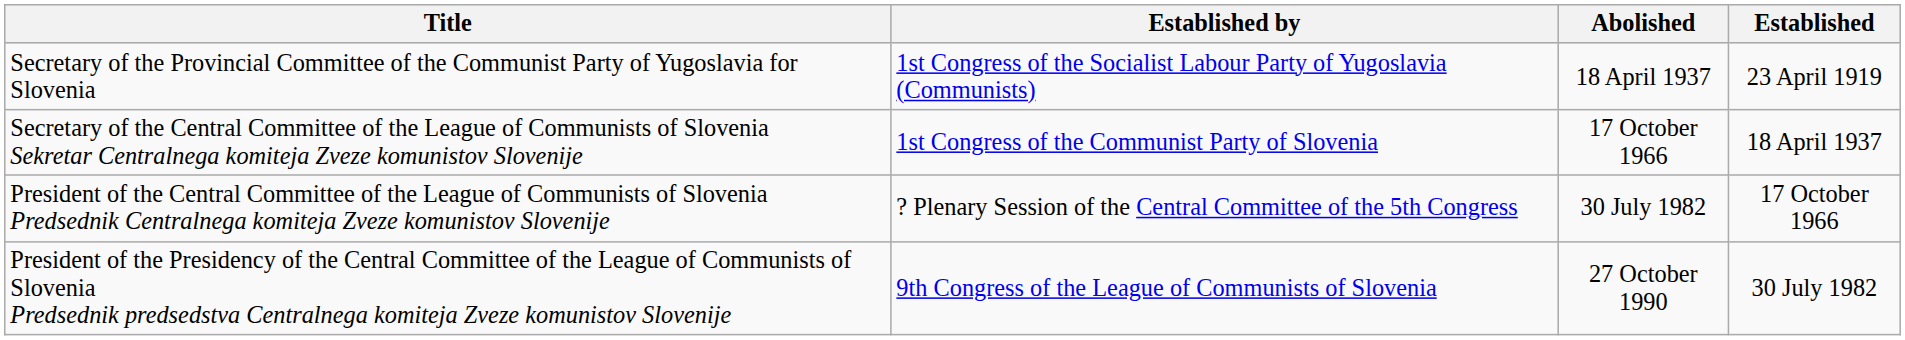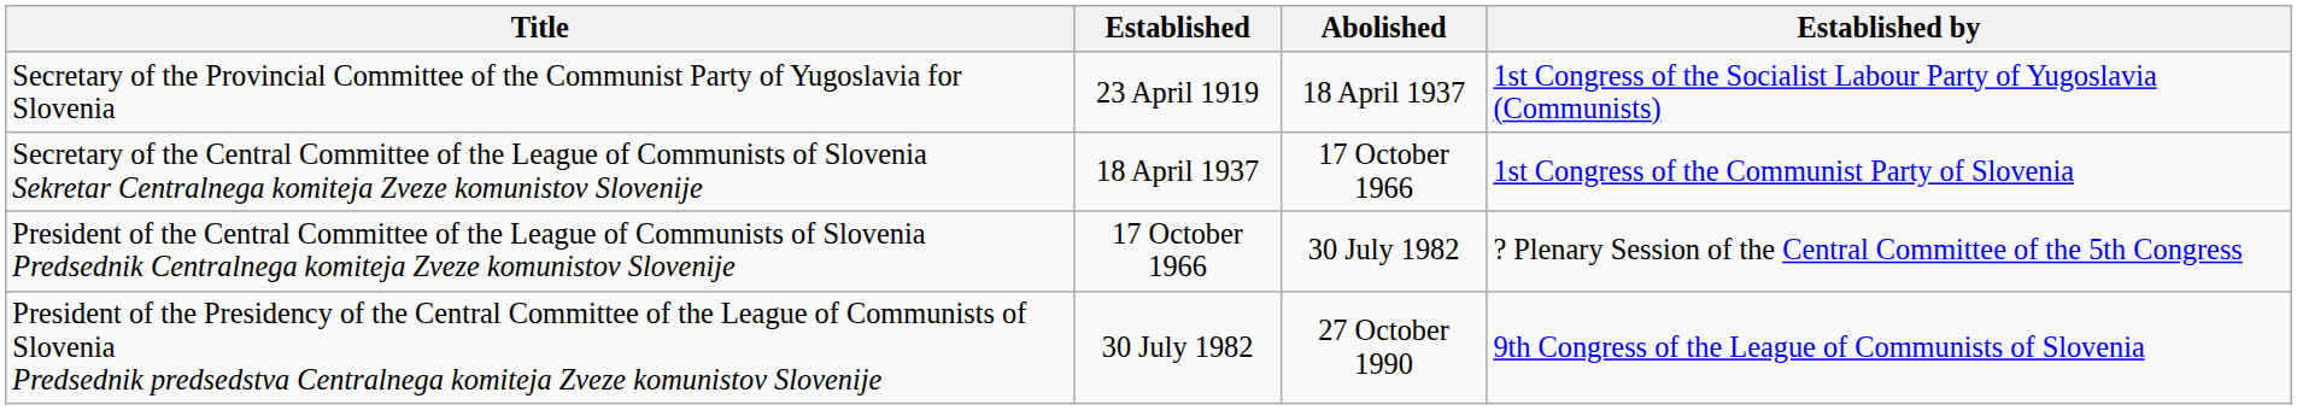 <table class="wikitable sortable">
 <tr>
 <th scope=col>Title</th>
+<th scope=col>Established</th>
+<th scope=col>Abolished</th>
 <th scope=col>Established by</th>
-<th scope=col>Abolished</th>
-<th scope=col>Established</th>
 </tr>
 <tr>
 <td>Secretary of the Provincial Committee of the Communist Party of Yugoslavia for Slovenia<br></td>
+<td align="center">23 April 1919</td>
+<td align="center">18 April 1937</td>
 <td><a href='#'>1st Congress of the Socialist Labour Party of Yugoslavia (Communists)</a></td>
-<td align="center">18 April 1937</td>
-<td align="center">23 April 1919</td>
 </tr>
 <tr>
 <td>Secretary of the Central Committee of the League of Communists of Slovenia<br><em>Sekretar Centralnega komiteja Zveze komunistov Slovenije</em></td>
+<td align="center">18 April 1937</td>
+<td align="center">17 October 1966</td>
 <td><a href='#'>1st Congress of the Communist Party of Slovenia</a></td>
-<td align="center">17 October 1966</td>
-<td align="center">18 April 1937</td>
 </tr>
 <tr>
 <td>President of the Central Committee of the League of Communists of Slovenia<br><em>Predsednik Centralnega komiteja Zveze komunistov Slovenije</em></td>
+<td align="center">17 October 1966</td>
+<td align="center">30 July 1982</td>
 <td>? Plenary Session of the <a href='#'>Central Committee of the 5th Congress</a></td>
-<td align="center">30 July 1982</td>
-<td align="center">17 October 1966</td>
 </tr>
 <tr>
 <td>President of the Presidency of the Central Committee of the League of Communists of Slovenia<br><em>Predsednik predsedstva Centralnega komiteja Zveze komunistov Slovenije</em></td>
+<td align="center">30 July 1982</td>
+<td align="center">27 October 1990</td>
 <td><a href='#'>9th Congress of the League of Communists of Slovenia</a></td>
-<td align="center">27 October 1990</td>
-<td align="center">30 July 1982</td>
 </tr>
 </table>
